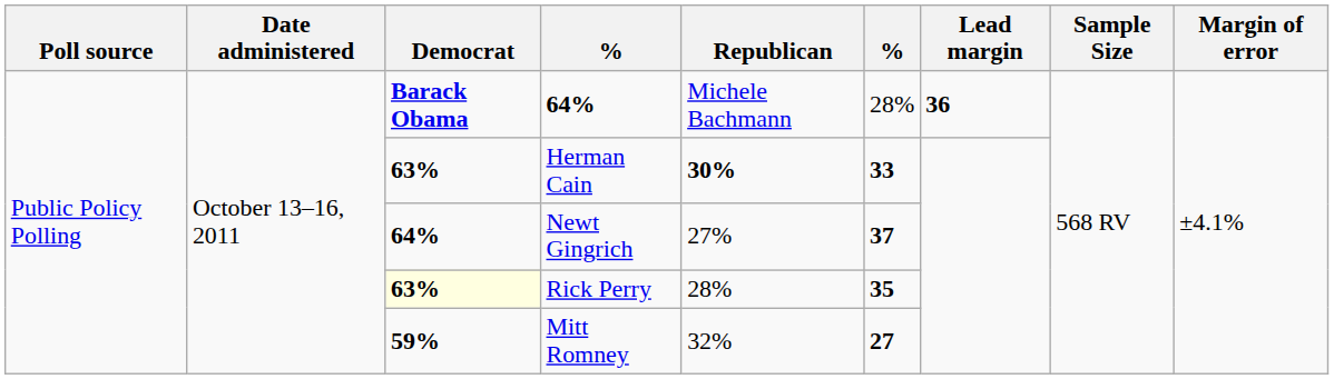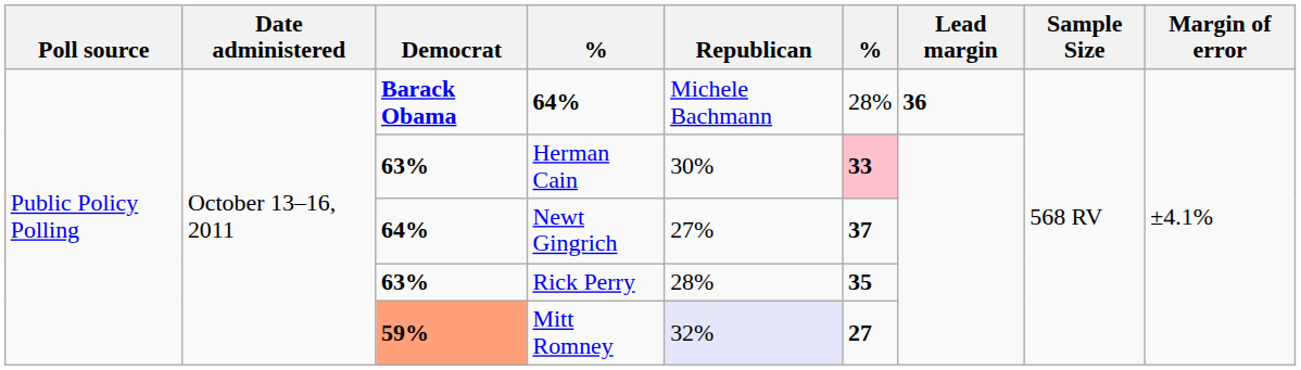 <table class="wikitable">
 <tr valign=bottom>
 <th>Poll source</th>
 <th>Date administered</th>
 <th>Democrat</th>
 <th>%</th>
 <th>Republican</th>
 <th>%</th>
 <th>Lead margin</th>
 <th>Sample Size</th>
 <th>Margin of error</th>
 </tr>
 <tr>
 <td rowspan=5><a href='#'>Public Policy Polling</a></td>
 <td rowspan=5>October 13–16, 2011</td>
 <td><strong><a href='#'>Barack Obama</a></strong></td>
 <td><strong>64%</strong></td>
 <td><a href='#'>Michele Bachmann</a></td>
 <td>28%</td>
 <td><strong>36</strong></td>
 <td rowspan=5>568 RV</td>
 <td rowspan=5>±4.1%</td>
 </tr>
 <tr>
 <td><strong>63%</strong></td>
 <td><a href='#'>Herman Cain</a></td>
-<td><strong>30%</strong></td>
-<td><strong>33</strong></td>
+<td>30%</td>
+<td style="background: pink;"><strong>33</strong></td>
 </tr>
 <tr>
 <td><strong>64%</strong></td>
 <td><a href='#'>Newt Gingrich</a></td>
 <td>27%</td>
 <td><strong>37</strong></td>
 </tr>
 <tr>
-<td style="background: lightyellow;"><strong>63%</strong></td>
+<td><strong>63%</strong></td>
 <td><a href='#'>Rick Perry</a></td>
 <td>28%</td>
 <td><strong>35</strong></td>
 </tr>
 <tr>
-<td><strong>59%</strong></td>
+<td style="background: lightsalmon;"><strong>59%</strong></td>
 <td><a href='#'>Mitt Romney</a></td>
-<td>32%</td>
+<td style="background: lavender;">32%</td>
 <td><strong>27</strong></td>
 </tr>
 </table>
